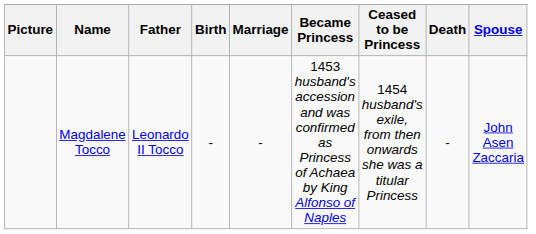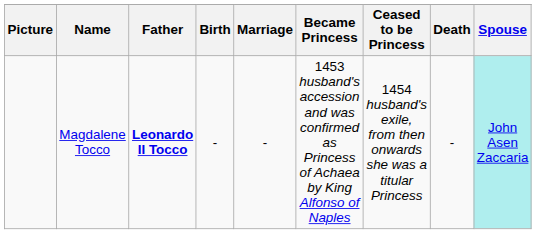 <table style="width:95%;" class="wikitable">
 <tr>
 </tr>
 <tr>
 <th style="width:8%;">Picture</th>
 <th style="width:10%;">Name</th>
 <th style="width:9%;">Father</th>
 <th style="width:10%;">Birth</th>
 <th style="width:9%;">Marriage</th>
 <th style="width:9%;">Became Princess</th>
 <th style="width:9%;">Ceased to be Princess</th>
 <th style="width:9%;">Death</th>
 <th style="width:6%;"><a href='#'>Spouse</a></th>
 </tr>
 <tr>
 <td style="text-align:center;"></td>
 <td style="text-align:center;"><a href='#'>Magdalene Tocco</a></td>
-<td style="text-align:center;"><a href='#'>Leonardo II Tocco</a></td>
+<td style="text-align:center;"><strong><a href='#'>Leonardo II Tocco</a></strong></td>
 <td style="text-align:center;">-</td>
 <td style="text-align:center;">-</td>
 <td style="text-align:center;">1453<br><em>husband's accession and was confirmed as Princess of Achaea by King <a href='#'>Alfonso of Naples</a></em></td>
 <td style="text-align:center;">1454<br><em>husband's exile, from then onwards she was a titular Princess</em></td>
 <td style="text-align:center;">-</td>
-<td style="text-align:center;"><a href='#'>John Asen Zaccaria</a></td>
+<td style="background: paleturquoise; text-align:center;"><a href='#'>John Asen Zaccaria</a></td>
 </tr>
 </table>
